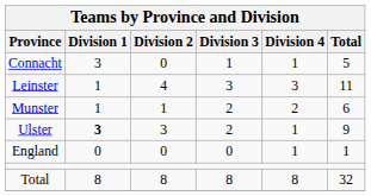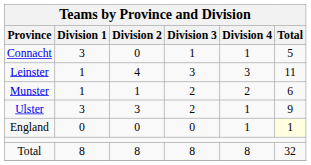 <table class="wikitable" style="text-align:center">
 <tr>
 <th colspan=6><big>Teams by Province and Division</big></th>
 </tr>
 <tr>
 <th>Province</th>
 <th>Division 1</th>
 <th>Division 2</th>
 <th>Division 3</th>
 <th>Division 4</th>
 <th>Total</th>
 </tr>
 <tr>
 <td><a href='#'>Connacht</a></td>
 <td>3</td>
 <td>0</td>
 <td>1</td>
 <td>1</td>
 <td>5</td>
 </tr>
 <tr>
 <td><a href='#'>Leinster</a></td>
 <td>1</td>
 <td>4</td>
 <td>3</td>
 <td>3</td>
 <td>11</td>
 </tr>
 <tr>
 <td><a href='#'>Munster</a></td>
 <td>1</td>
 <td>1</td>
 <td>2</td>
 <td>2</td>
 <td>6</td>
 </tr>
 <tr>
 <td><a href='#'>Ulster</a></td>
-<td><strong>3</strong></td>
+<td>3</td>
 <td>3</td>
 <td>2</td>
 <td>1</td>
 <td>9</td>
 </tr>
 <tr>
 <td>England</td>
 <td>0</td>
 <td>0</td>
 <td>0</td>
 <td>1</td>
-<td>1</td>
+<td style="background: lightyellow;">1</td>
 </tr>
 <tr>
 <td colspan=6></td>
 </tr>
 <tr>
 <td>Total</td>
 <td>8</td>
 <td>8</td>
 <td>8</td>
 <td>8</td>
 <td>32</td>
 </tr>
 <tr>
 </tr>
 </table>
